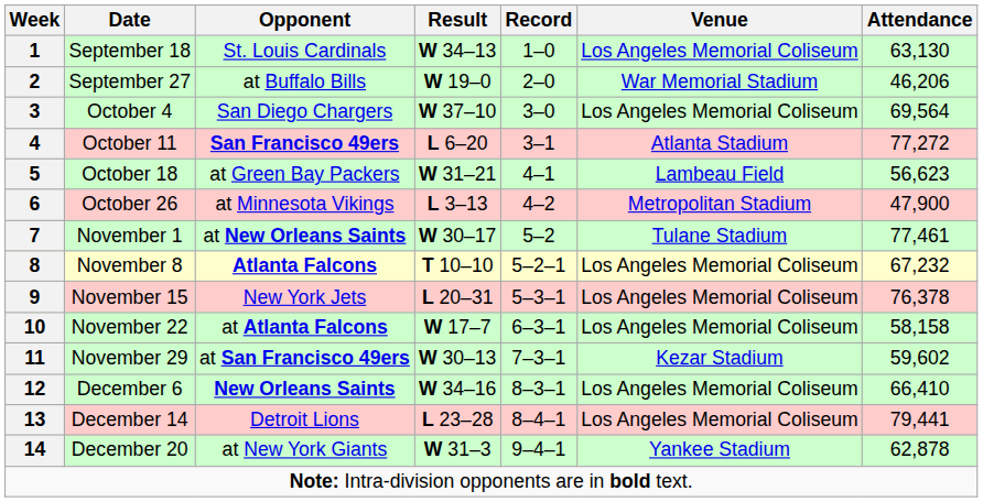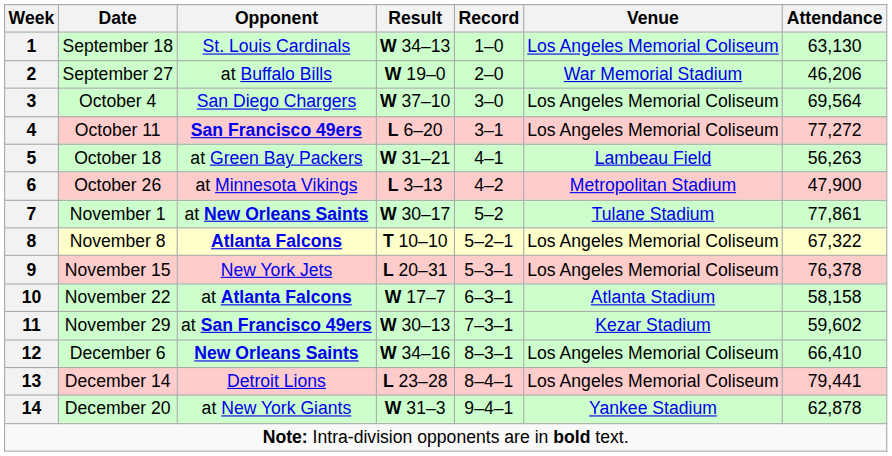 <table class="wikitable" style="text-align:center">
 <tr>
 <th>Week</th>
 <th>Date</th>
 <th>Opponent</th>
 <th>Result</th>
 <th>Record</th>
 <th>Venue</th>
 <th>Attendance</th>
 </tr>
 <tr style="background:#cfc">
 <th>1</th>
 <td>September 18</td>
 <td><a href='#'>St. Louis Cardinals</a></td>
 <td><strong>W</strong> 34–13</td>
 <td>1–0</td>
 <td><a href='#'>Los Angeles Memorial Coliseum</a></td>
 <td>63,130</td>
 </tr>
 <tr style="background:#cfc">
 <th>2</th>
 <td>September 27</td>
 <td>at <a href='#'>Buffalo Bills</a></td>
 <td><strong>W</strong> 19–0</td>
 <td>2–0</td>
 <td><a href='#'>War Memorial Stadium</a></td>
 <td>46,206</td>
 </tr>
 <tr style="background:#cfc">
 <th>3</th>
 <td>October 4</td>
 <td><a href='#'>San Diego Chargers</a></td>
 <td><strong>W</strong> 37–10</td>
 <td>3–0</td>
 <td>Los Angeles Memorial Coliseum</td>
 <td>69,564</td>
 </tr>
 <tr style="background:#fcc">
 <th>4</th>
 <td>October 11</td>
 <td><strong><a href='#'>San Francisco 49ers</a></strong></td>
 <td><strong>L</strong> 6–20</td>
 <td>3–1</td>
-<td><a href='#'>Atlanta Stadium</a></td>
+<td>Los Angeles Memorial Coliseum</td>
 <td>77,272</td>
 </tr>
 <tr style="background:#cfc">
 <th>5</th>
 <td>October 18</td>
 <td>at <a href='#'>Green Bay Packers</a></td>
 <td><strong>W</strong> 31–21</td>
 <td>4–1</td>
 <td><a href='#'>Lambeau Field</a></td>
-<td>56,623</td>
+<td>56,263</td>
 </tr>
 <tr style="background:#fcc">
 <th>6</th>
 <td>October 26</td>
 <td>at <a href='#'>Minnesota Vikings</a></td>
 <td><strong>L</strong> 3–13</td>
 <td>4–2</td>
 <td><a href='#'>Metropolitan Stadium</a></td>
 <td>47,900</td>
 </tr>
 <tr style="background:#cfc">
 <th>7</th>
 <td>November 1</td>
 <td>at <strong><a href='#'>New Orleans Saints</a></strong></td>
 <td><strong>W</strong> 30–17</td>
 <td>5–2</td>
 <td><a href='#'>Tulane Stadium</a></td>
-<td>77,461</td>
+<td>77,861</td>
 </tr>
 <tr style="background:#ffc">
 <th>8</th>
 <td>November 8</td>
 <td><strong><a href='#'>Atlanta Falcons</a></strong></td>
 <td><strong>T</strong> 10–10</td>
 <td>5–2–1</td>
 <td>Los Angeles Memorial Coliseum</td>
-<td>67,232</td>
+<td>67,322</td>
 </tr>
 <tr style="background:#fcc">
 <th>9</th>
 <td>November 15</td>
 <td><a href='#'>New York Jets</a></td>
 <td><strong>L</strong> 20–31</td>
 <td>5–3–1</td>
 <td>Los Angeles Memorial Coliseum</td>
 <td>76,378</td>
 </tr>
 <tr style="background:#cfc">
 <th>10</th>
 <td>November 22</td>
 <td>at <strong><a href='#'>Atlanta Falcons</a></strong></td>
 <td><strong>W</strong> 17–7</td>
 <td>6–3–1</td>
-<td>Los Angeles Memorial Coliseum</td>
+<td><a href='#'>Atlanta Stadium</a></td>
 <td>58,158</td>
 </tr>
 <tr style="background:#cfc">
 <th>11</th>
 <td>November 29</td>
 <td>at <strong><a href='#'>San Francisco 49ers</a></strong></td>
 <td><strong>W</strong> 30–13</td>
 <td>7–3–1</td>
 <td><a href='#'>Kezar Stadium</a></td>
 <td>59,602</td>
 </tr>
 <tr style="background:#cfc">
 <th>12</th>
 <td>December 6</td>
 <td><strong><a href='#'>New Orleans Saints</a></strong></td>
 <td><strong>W</strong> 34–16</td>
 <td>8–3–1</td>
 <td>Los Angeles Memorial Coliseum</td>
 <td>66,410</td>
 </tr>
 <tr style="background:#fcc">
 <th>13</th>
 <td>December 14</td>
 <td><a href='#'>Detroit Lions</a></td>
 <td><strong>L</strong> 23–28</td>
 <td>8–4–1</td>
 <td>Los Angeles Memorial Coliseum</td>
 <td>79,441</td>
 </tr>
 <tr style="background:#cfc">
 <th>14</th>
 <td>December 20</td>
 <td>at <a href='#'>New York Giants</a></td>
 <td><strong>W</strong> 31–3</td>
 <td>9–4–1</td>
 <td><a href='#'>Yankee Stadium</a></td>
 <td>62,878</td>
 </tr>
 <tr>
 <td colspan="8"><strong>Note:</strong> Intra-division opponents are in <strong>bold</strong> text.</td>
 </tr>
 </table>
